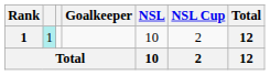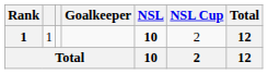 <table class="wikitable sortable" style="text-align:center">
 <tr>
 <th>Rank</th>
 <th></th>
 <th></th>
 <th>Goalkeeper</th>
 <th><a href='#'>NSL</a></th>
 <th><a href='#'>NSL Cup</a></th>
 <th>Total</th>
 </tr>
 <tr>
 <th>1</th>
-<td style="background: paleturquoise;">1</td>
+<td>1</td>
 <td></td>
 <td align="left"></td>
-<td>10</td>
+<td><strong>10</strong></td>
 <td>2</td>
 <th>12</th>
 </tr>
 <tr>
 <th colspan="4">Total</th>
 <th>10</th>
 <th>2</th>
 <th>12</th>
 </tr>
 </table>
